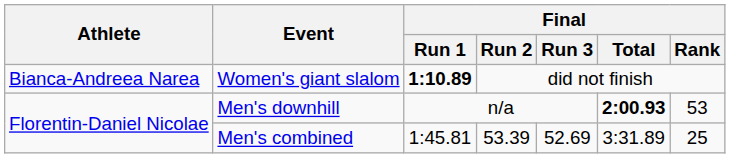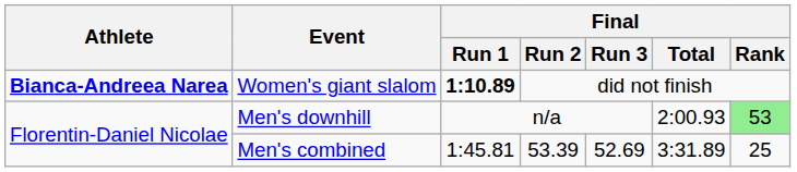 <table class="wikitable" style="font-size:90%">
 <tr>
 <th rowspan="2">Athlete</th>
 <th rowspan="2">Event</th>
 <th colspan="5">Final</th>
 </tr>
 <tr>
 <th>Run 1</th>
 <th>Run 2</th>
 <th>Run 3</th>
 <th>Total</th>
 <th>Rank</th>
 </tr>
 <tr>
-<td><a href='#'>Bianca-Andreea Narea</a></td>
+<td><strong><a href='#'>Bianca-Andreea Narea</a></strong></td>
 <td><a href='#'>Women's giant slalom</a></td>
 <td align="center"><strong>1:10.89</strong></td>
 <td colspan=4 align="center">did not finish</td>
 </tr>
 <tr>
 <td rowspan=2><a href='#'>Florentin-Daniel Nicolae</a></td>
 <td><a href='#'>Men's downhill</a></td>
 <td colspan=3 align="center">n/a</td>
-<td align="center"><strong>2:00.93</strong></td>
-<td align="center">53</td>
+<td align="center">2:00.93</td>
+<td align="center" style="background: lightgreen;">53</td>
 </tr>
 <tr>
 <td><a href='#'>Men's combined</a></td>
 <td align="center">1:45.81</td>
 <td align="center">53.39</td>
 <td align="center">52.69</td>
 <td align="center">3:31.89</td>
 <td align="center">25</td>
 </tr>
 </table>
